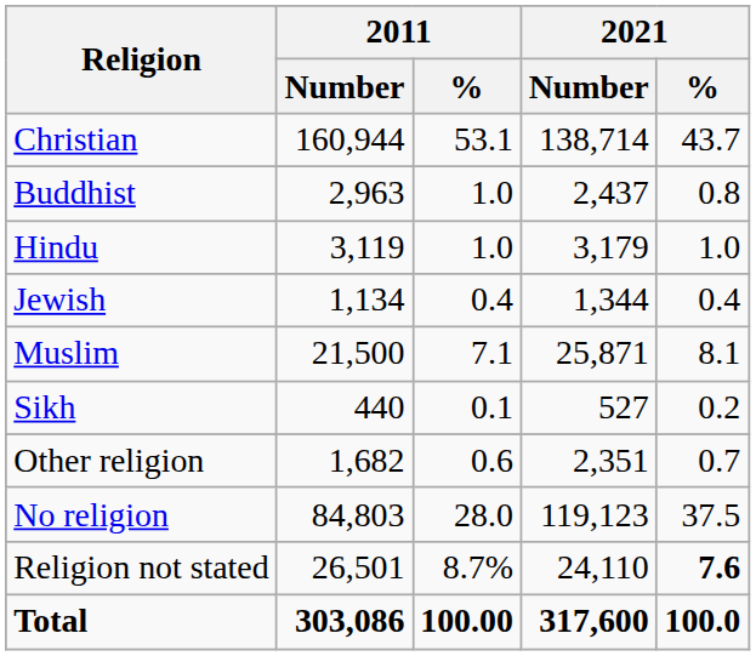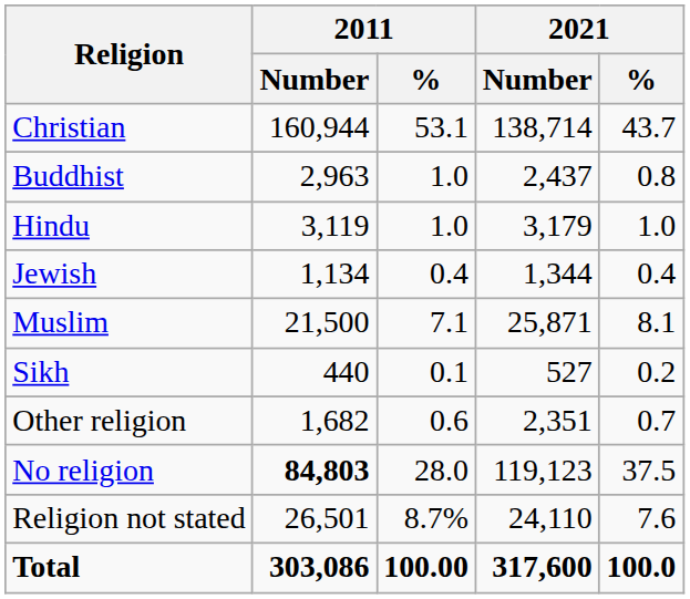 <table class="wikitable sortable" style="text-align:right">
 <tr>
 <th rowspan="2">Religion</th>
 <th colspan="2">2011</th>
 <th colspan="2">2021</th>
 </tr>
 <tr>
 <th>Number</th>
 <th>%</th>
 <th>Number</th>
 <th>%</th>
 </tr>
 <tr>
 <td style="text-align:left"><a href='#'>Christian</a></td>
 <td>160,944</td>
 <td>53.1</td>
 <td>138,714</td>
 <td>43.7</td>
 </tr>
 <tr>
 <td style="text-align:left"><a href='#'>Buddhist</a></td>
 <td>2,963</td>
 <td>1.0</td>
 <td>2,437</td>
 <td>0.8</td>
 </tr>
 <tr>
 <td style="text-align:left"><a href='#'>Hindu</a></td>
 <td>3,119</td>
 <td>1.0</td>
 <td>3,179</td>
 <td>1.0</td>
 </tr>
 <tr>
 <td style="text-align:left"><a href='#'>Jewish</a></td>
 <td>1,134</td>
 <td>0.4</td>
 <td>1,344</td>
 <td>0.4</td>
 </tr>
 <tr>
 <td style="text-align:left"><a href='#'>Muslim</a></td>
 <td>21,500</td>
 <td>7.1</td>
 <td>25,871</td>
 <td>8.1</td>
 </tr>
 <tr>
 <td style="text-align:left"><a href='#'>Sikh</a></td>
 <td>440</td>
 <td>0.1</td>
 <td>527</td>
 <td>0.2</td>
 </tr>
 <tr>
 <td style="text-align:left">Other religion</td>
 <td>1,682</td>
 <td>0.6</td>
 <td>2,351</td>
 <td>0.7</td>
 </tr>
 <tr>
 <td style="text-align:left"><a href='#'>No religion</a></td>
-<td>84,803</td>
+<td><strong>84,803</strong></td>
 <td>28.0</td>
 <td>119,123</td>
 <td>37.5</td>
 </tr>
 <tr>
 <td style="text-align:left">Religion not stated</td>
 <td>26,501</td>
 <td>8.7%</td>
 <td>24,110</td>
-<td><strong>7.6</strong></td>
+<td>7.6</td>
 </tr>
 <tr>
 <td style="text-align:left"><strong>Total</strong></td>
 <td><strong>303,086</strong></td>
 <td><strong>100.00</strong></td>
 <td><strong>317,600</strong></td>
 <td><strong>100.0</strong></td>
 </tr>
 </table>
